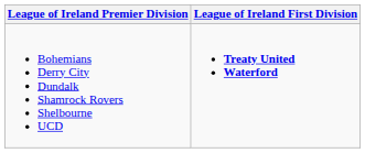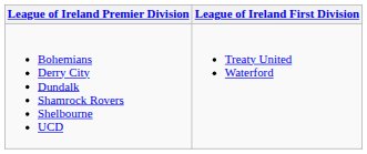 <table class="wikitable">
 <tr>
 <th><a href='#'>League of Ireland Premier Division</a></th>
 <th><a href='#'>League of Ireland First Division</a></th>
 </tr>
 <tr>
 <td valign="top"><br><ul><li><a href='#'>Bohemians</a></li><li><a href='#'>Derry City</a></li><li><a href='#'>Dundalk</a></li><li><a href='#'>Shamrock Rovers</a></li><li><a href='#'>Shelbourne</a></li><li><a href='#'>UCD</a></li></ul></td>
-<td valign="top"><strong><br><ul><li><a href='#'>Treaty United</a></li><li><a href='#'>Waterford</a></li></ul></strong></td>
+<td valign="top"><br><ul><li><a href='#'>Treaty United</a></li><li><a href='#'>Waterford</a></li></ul></td>
 </tr>
 </table>
